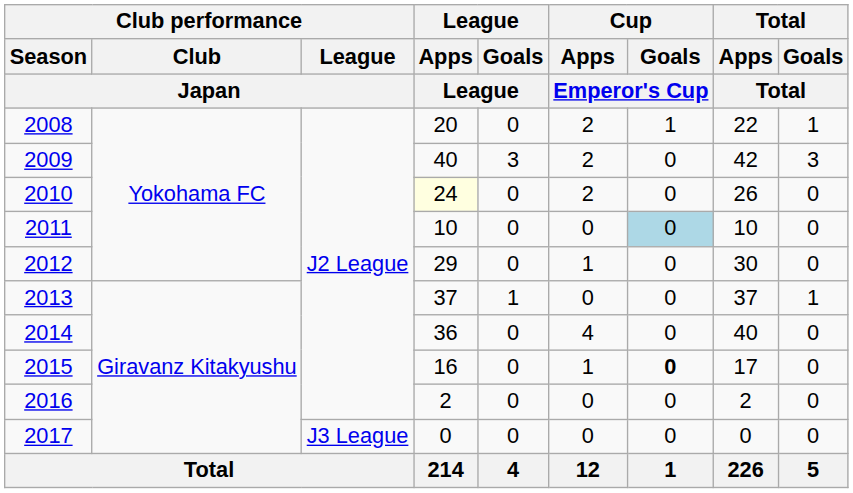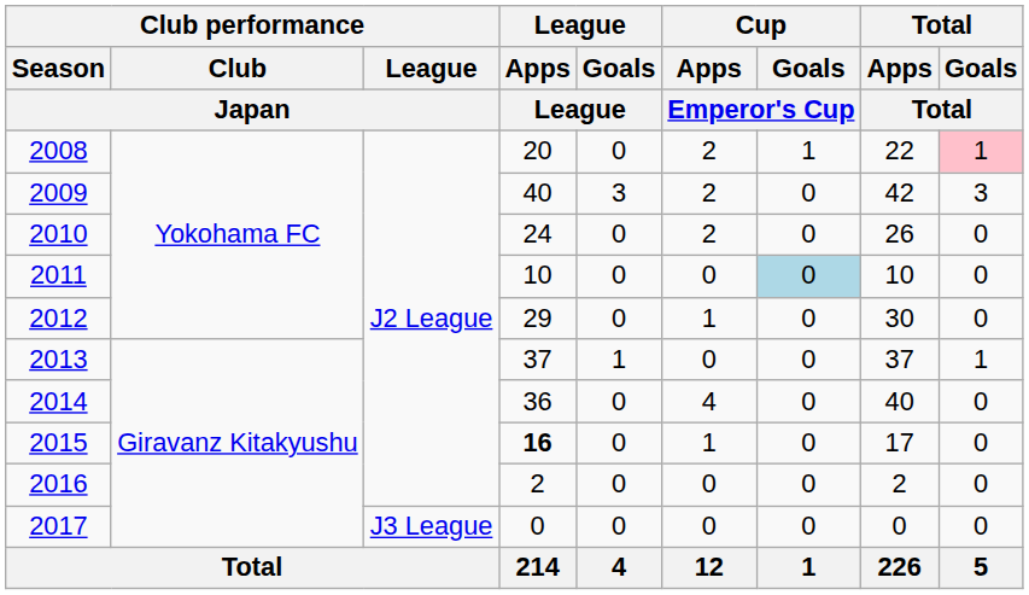 <table class="wikitable" style="text-align:center;">
 <tr>
 <th colspan=3>Club performance</th>
 <th colspan=2>League</th>
 <th colspan=2>Cup</th>
 <th colspan=2>Total</th>
 </tr>
 <tr>
 <th>Season</th>
 <th>Club</th>
 <th>League</th>
 <th>Apps</th>
 <th>Goals</th>
 <th>Apps</th>
 <th>Goals</th>
 <th>Apps</th>
 <th>Goals</th>
 </tr>
 <tr>
 <th colspan=3>Japan</th>
 <th colspan=2>League</th>
 <th colspan=2><a href='#'>Emperor's Cup</a></th>
 <th colspan=2>Total</th>
 </tr>
 <tr>
 <td><a href='#'>2008</a></td>
 <td rowspan="5"><a href='#'>Yokohama FC</a></td>
 <td rowspan="9"><a href='#'>J2 League</a></td>
 <td>20</td>
 <td>0</td>
 <td>2</td>
 <td>1</td>
 <td>22</td>
-<td>1</td>
+<td style="background: pink;">1</td>
 </tr>
 <tr>
 <td><a href='#'>2009</a></td>
 <td>40</td>
 <td>3</td>
 <td>2</td>
 <td>0</td>
 <td>42</td>
 <td>3</td>
 </tr>
 <tr>
 <td><a href='#'>2010</a></td>
-<td style="background: lightyellow;">24</td>
+<td>24</td>
 <td>0</td>
 <td>2</td>
 <td>0</td>
 <td>26</td>
 <td>0</td>
 </tr>
 <tr>
 <td><a href='#'>2011</a></td>
 <td>10</td>
 <td>0</td>
 <td>0</td>
 <td style="background: lightblue;">0</td>
 <td>10</td>
 <td>0</td>
 </tr>
 <tr>
 <td><a href='#'>2012</a></td>
 <td>29</td>
 <td>0</td>
 <td>1</td>
 <td>0</td>
 <td>30</td>
 <td>0</td>
 </tr>
 <tr>
 <td><a href='#'>2013</a></td>
 <td rowspan="5"><a href='#'>Giravanz Kitakyushu</a></td>
 <td>37</td>
 <td>1</td>
 <td>0</td>
 <td>0</td>
 <td>37</td>
 <td>1</td>
 </tr>
 <tr>
 <td><a href='#'>2014</a></td>
 <td>36</td>
 <td>0</td>
 <td>4</td>
 <td>0</td>
 <td>40</td>
 <td>0</td>
 </tr>
 <tr>
 <td><a href='#'>2015</a></td>
-<td>16</td>
+<td><strong>16</strong></td>
 <td>0</td>
 <td>1</td>
-<td><strong>0</strong></td>
+<td>0</td>
 <td>17</td>
 <td>0</td>
 </tr>
 <tr>
 <td><a href='#'>2016</a></td>
 <td>2</td>
 <td>0</td>
 <td>0</td>
 <td>0</td>
 <td>2</td>
 <td>0</td>
 </tr>
 <tr>
 <td><a href='#'>2017</a></td>
 <td><a href='#'>J3 League</a></td>
 <td>0</td>
 <td>0</td>
 <td>0</td>
 <td>0</td>
 <td>0</td>
 <td>0</td>
 </tr>
 <tr>
 <th colspan=3>Total</th>
 <th>214</th>
 <th>4</th>
 <th>12</th>
 <th>1</th>
 <th>226</th>
 <th>5</th>
 </tr>
 </table>
